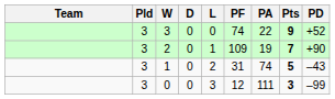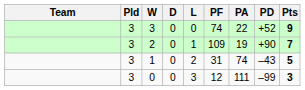 <table class="wikitable" style="text-align:center;">
 <tr>
 <th width=175>Team</th>
 <th width=25 abbr="Played">Pld</th>
 <th width=25 abbr="Won">W</th>
 <th width=25 abbr="Drawn">D</th>
 <th width=25 abbr="Lost">L</th>
 <th width=32 abbr="Points for">PF</th>
 <th width=32 abbr="Points against">PA</th>
+<th width=32 abbr="Points difference">PD</th>
 <th width=25 abbr="Points">Pts</th>
-<th width=32 abbr="Points difference">PD</th>
 </tr>
 <tr bgcolor=ccffcc>
 <td align=left></td>
 <td>3</td>
 <td>3</td>
 <td>0</td>
 <td>0</td>
 <td>74</td>
 <td>22</td>
+<td>+52</td>
 <td><strong>9</strong></td>
-<td>+52</td>
 </tr>
 <tr bgcolor=ccffcc>
 <td align=left></td>
 <td>3</td>
 <td>2</td>
 <td>0</td>
 <td>1</td>
 <td>109</td>
 <td>19</td>
+<td>+90</td>
 <td><strong>7</strong></td>
-<td>+90</td>
 </tr>
 <tr>
 <td align=left></td>
 <td>3</td>
 <td>1</td>
 <td>0</td>
 <td>2</td>
 <td>31</td>
 <td>74</td>
+<td>–43</td>
 <td><strong>5</strong></td>
-<td>–43</td>
 </tr>
 <tr>
 <td align=left></td>
 <td>3</td>
 <td>0</td>
 <td>0</td>
 <td>3</td>
 <td>12</td>
 <td>111</td>
+<td>–99</td>
 <td><strong>3</strong></td>
-<td>–99</td>
 </tr>
 </table>
